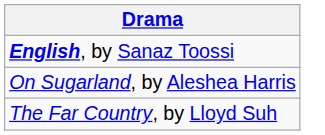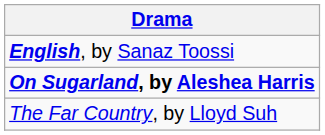 <table class="wikitable" style="float:left; float:none;">
 <tr>
 <th><a href='#'>Drama</a></th>
 </tr>
 <tr>
 <td><strong><em><a href='#'>English</a></em></strong>, by <a href='#'>Sanaz Toossi</a></td>
 </tr>
 <tr>
-<td><em><a href='#'>On Sugarland</a></em>, by <a href='#'>Aleshea Harris</a></td>
+<td><strong><em><a href='#'>On Sugarland</a></em>, by <a href='#'>Aleshea Harris</a></strong></td>
 </tr>
 <tr>
 <td><em><a href='#'>The Far Country</a></em>, by <a href='#'>Lloyd Suh</a></td>
 </tr>
 </table>
